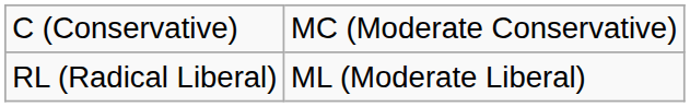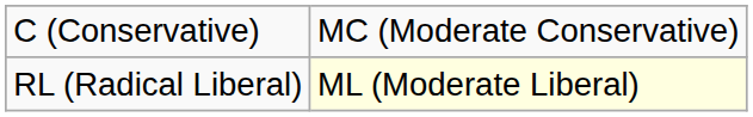 <table class="wikitable">
 <tr>
 <td> C (Conservative)</td>
 <td> MC (Moderate Conservative)</td>
 </tr>
 <tr>
 <td> RL (Radical Liberal)</td>
-<td> ML (Moderate Liberal)</td>
+<td style="background: lightyellow;"> ML (Moderate Liberal)</td>
 </tr>
 </table>
